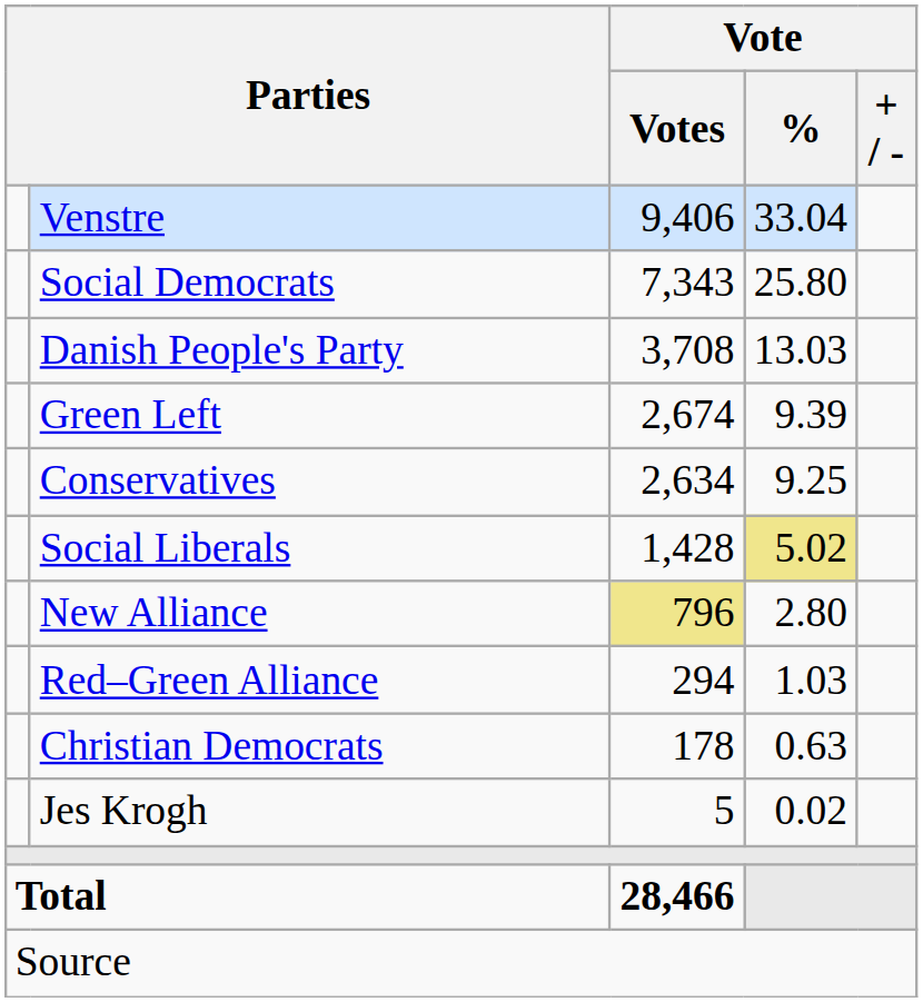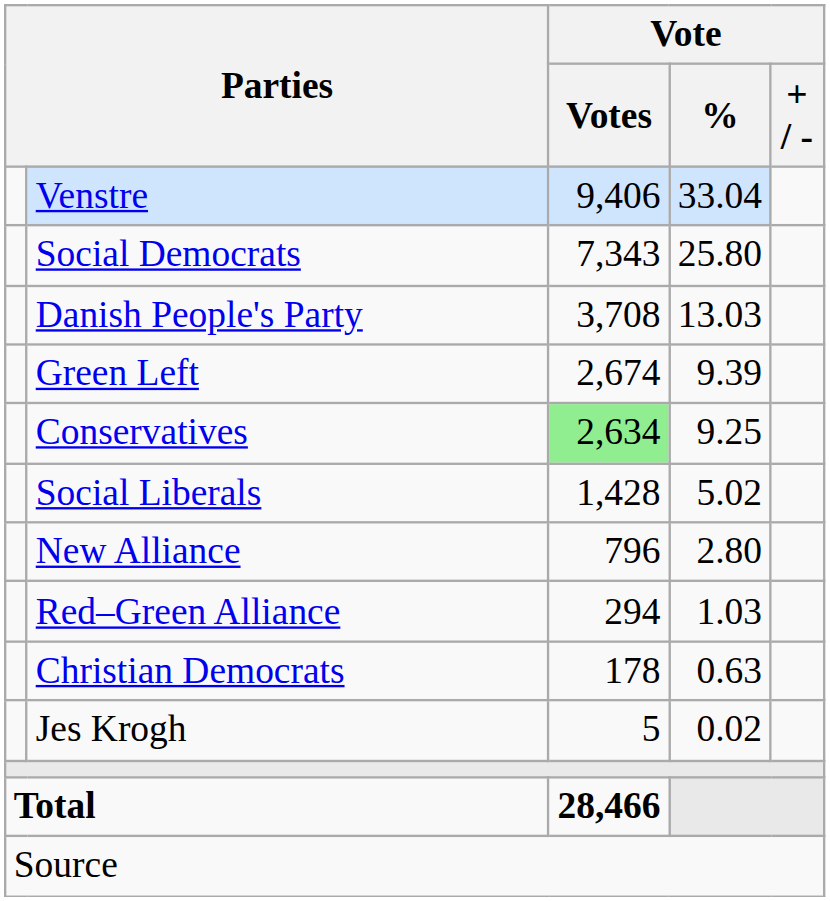 <table class="wikitable" style="text-align:right;">
 <tr>
 <th style="text-align:centre;" rowspan="2" colspan="2" width="225">Parties</th>
 <th colspan="3">Vote</th>
 </tr>
 <tr>
 <th width="15">Votes</th>
 <th width="15">%</th>
 <th width="15">+ / -</th>
 </tr>
 <tr>
 <td width="2" style="color:inherit;background:"></td>
 <td bgcolor=#cfe5fe  align="left"><a href='#'>Venstre</a></td>
 <td bgcolor=#cfe5fe>9,406</td>
 <td bgcolor=#cfe5fe>33.04</td>
 <td></td>
 </tr>
 <tr>
 <td width="2" style="color:inherit;background:"></td>
 <td align="left"><a href='#'>Social Democrats</a></td>
 <td>7,343</td>
 <td>25.80</td>
 <td></td>
 </tr>
 <tr>
 <td width="2" style="color:inherit;background:"></td>
 <td align="left"><a href='#'>Danish People's Party</a></td>
 <td>3,708</td>
 <td>13.03</td>
 <td></td>
 </tr>
 <tr>
 <td width="2" style="color:inherit;background:"></td>
 <td align="left"><a href='#'>Green Left</a></td>
 <td>2,674</td>
 <td>9.39</td>
 <td></td>
 </tr>
 <tr>
 <td width="2" style="color:inherit;background:"></td>
 <td align="left"><a href='#'>Conservatives</a></td>
-<td>2,634</td>
+<td style="background: lightgreen;">2,634</td>
 <td>9.25</td>
 <td></td>
 </tr>
 <tr>
 <td width="2" style="color:inherit;background:"></td>
 <td align="left"><a href='#'>Social Liberals</a></td>
 <td>1,428</td>
-<td style="background: khaki;">5.02</td>
+<td>5.02</td>
 <td></td>
 </tr>
 <tr>
 <td width="2" style="color:inherit;background:"></td>
 <td align="left"><a href='#'>New Alliance</a></td>
-<td style="background: khaki;">796</td>
+<td>796</td>
 <td>2.80</td>
 <td></td>
 </tr>
 <tr>
 <td width="2" style="color:inherit;background:"></td>
 <td align="left"><a href='#'>Red–Green Alliance</a></td>
 <td>294</td>
 <td>1.03</td>
 <td></td>
 </tr>
 <tr>
 <td width="2" style="color:inherit;background:"></td>
 <td align="left"><a href='#'>Christian Democrats</a></td>
 <td>178</td>
 <td>0.63</td>
 <td></td>
 </tr>
 <tr>
 <td width="2" style="color:inherit;background:"></td>
 <td align="left">Jes Krogh</td>
 <td>5</td>
 <td>0.02</td>
 <td></td>
 </tr>
 <tr>
 <td colspan="7" bgcolor="#E9E9E9"></td>
 </tr>
 <tr>
 <td align="left" colspan="2"><strong>Total</strong></td>
 <td><strong>28,466</strong></td>
 <td bgcolor="#E9E9E9" colspan="2"></td>
 </tr>
 <tr>
 <td align="left" colspan="6">Source</td>
 </tr>
 </table>
